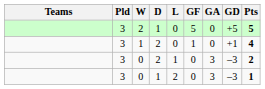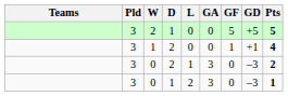 <table class="wikitable" style="text-align: center;">
 <tr>
 <th width=165>Teams</th>
 <th width=20>Pld</th>
 <th width=20>W</th>
 <th width=20>D</th>
 <th width=20>L</th>
+<th width=20>GA</th>
 <th width=20>GF</th>
-<th width=20>GA</th>
 <th width=20>GD</th>
 <th width=20>Pts</th>
 </tr>
 <tr align=center style="background:#ccffcc;">
 <td style="text-align:left;"></td>
 <td>3</td>
 <td>2</td>
 <td>1</td>
 <td>0</td>
+<td>0</td>
 <td>5</td>
-<td>0</td>
 <td>+5</td>
 <td><strong>5</strong></td>
 </tr>
 <tr align=center>
 <td style="text-align:left;"></td>
 <td>3</td>
 <td>1</td>
 <td>2</td>
 <td>0</td>
+<td>0</td>
 <td>1</td>
-<td>0</td>
 <td>+1</td>
 <td><strong>4</strong></td>
 </tr>
 <tr align=center>
 <td style="text-align:left;"></td>
 <td>3</td>
 <td>0</td>
 <td>2</td>
 <td>1</td>
+<td>3</td>
 <td>0</td>
-<td>3</td>
 <td>–3</td>
 <td><strong>2</strong></td>
 </tr>
 <tr align=center>
 <td style="text-align:left;"></td>
 <td>3</td>
 <td>0</td>
 <td>1</td>
 <td>2</td>
+<td>3</td>
 <td>0</td>
-<td>3</td>
 <td>–3</td>
 <td><strong>1</strong></td>
 </tr>
 </table>
